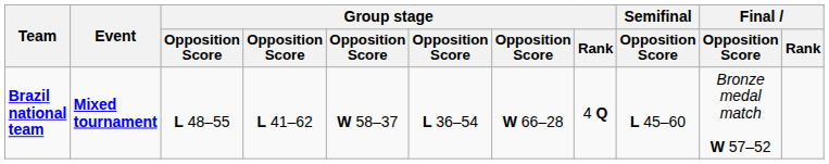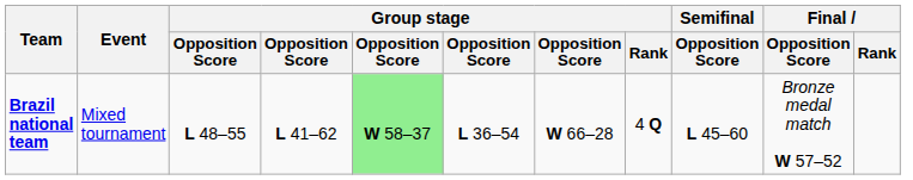 <table class="wikitable" style="font-size:90%;text-align:center">
 <tr>
 <th rowspan="2">Team</th>
 <th rowspan="2">Event</th>
 <th colspan="6">Group stage</th>
 <th>Semifinal</th>
 <th colspan="2">Final / </th>
 </tr>
 <tr style="font-size:95%">
 <th>Opposition<br>Score</th>
 <th>Opposition<br>Score</th>
 <th>Opposition<br>Score</th>
 <th>Opposition<br>Score</th>
 <th>Opposition<br>Score</th>
 <th>Rank</th>
 <th>Opposition<br>Score</th>
 <th>Opposition<br>Score</th>
 <th>Rank</th>
 </tr>
 <tr>
 <td align=left><strong><a href='#'>Brazil national team</a></strong></td>
-<td align=left><strong><a href='#'>Mixed tournament</a></strong></td>
+<td align=left><a href='#'>Mixed tournament</a></td>
 <td><br><strong>L</strong> 48–55</td>
 <td><br><strong>L</strong> 41–62</td>
-<td><br><strong>W</strong> 58–37</td>
+<td style="background: lightgreen;"><br><strong>W</strong> 58–37</td>
 <td><br><strong>L</strong> 36–54</td>
 <td><br><strong>W</strong> 66–28</td>
 <td>4 <strong>Q</strong></td>
 <td><br><strong>L</strong> 45–60</td>
 <td><em>Bronze medal match</em><br><br><strong>W</strong> 57–52</td>
 <td></td>
 </tr>
 </table>
